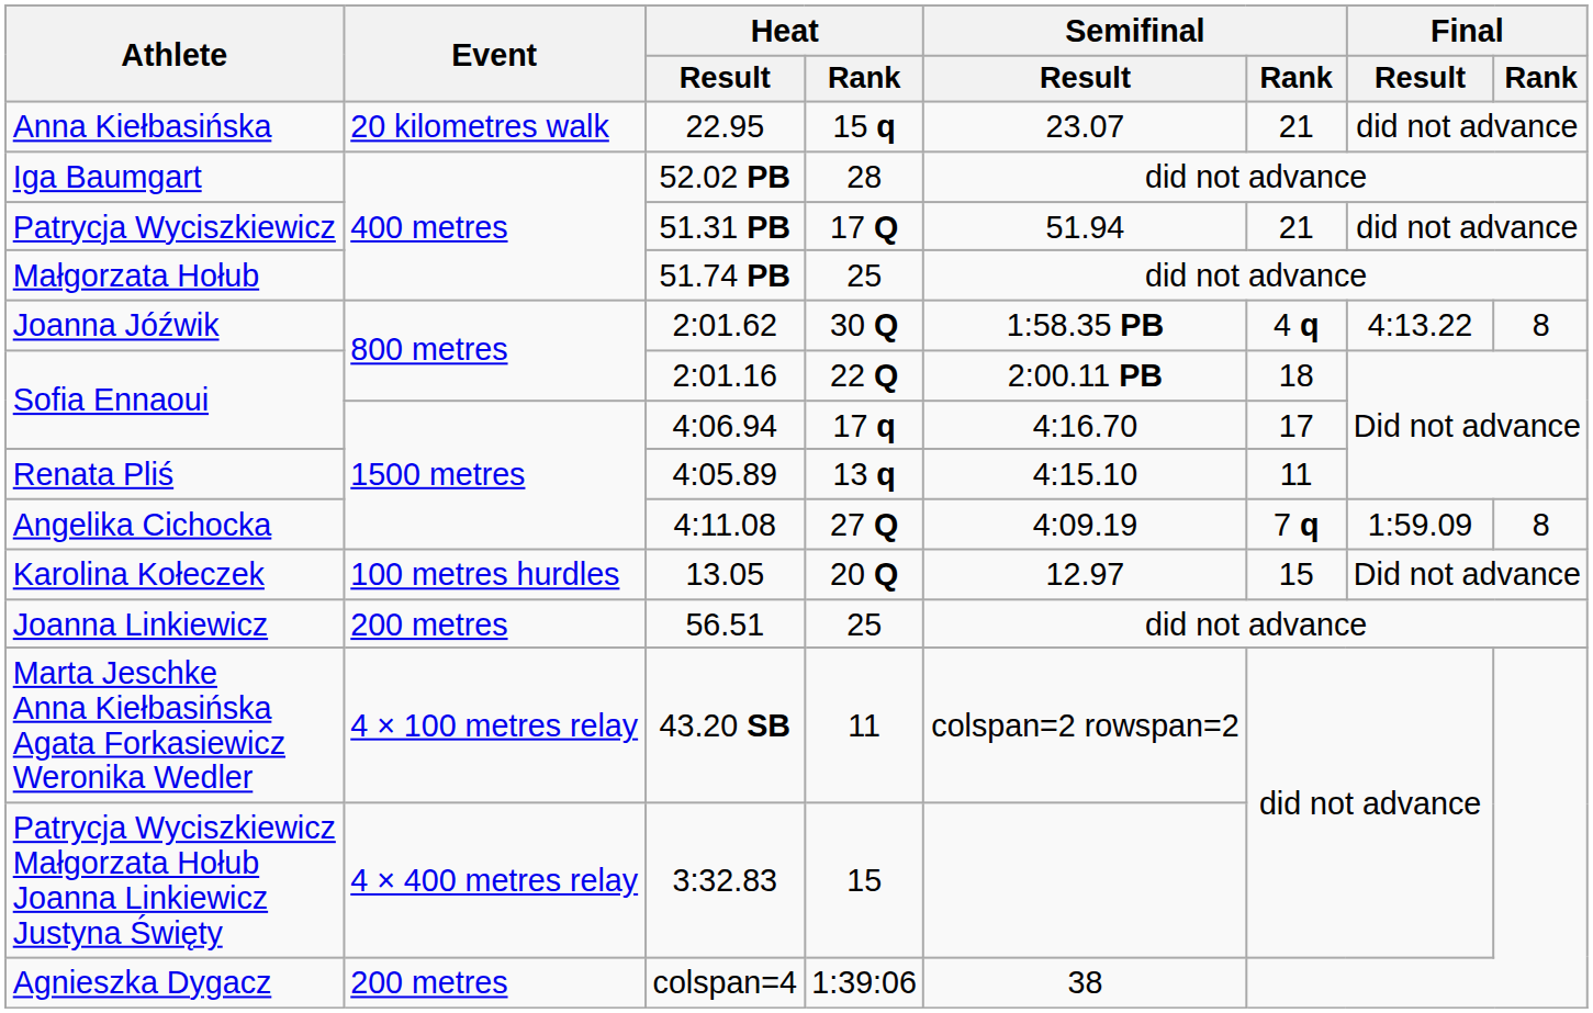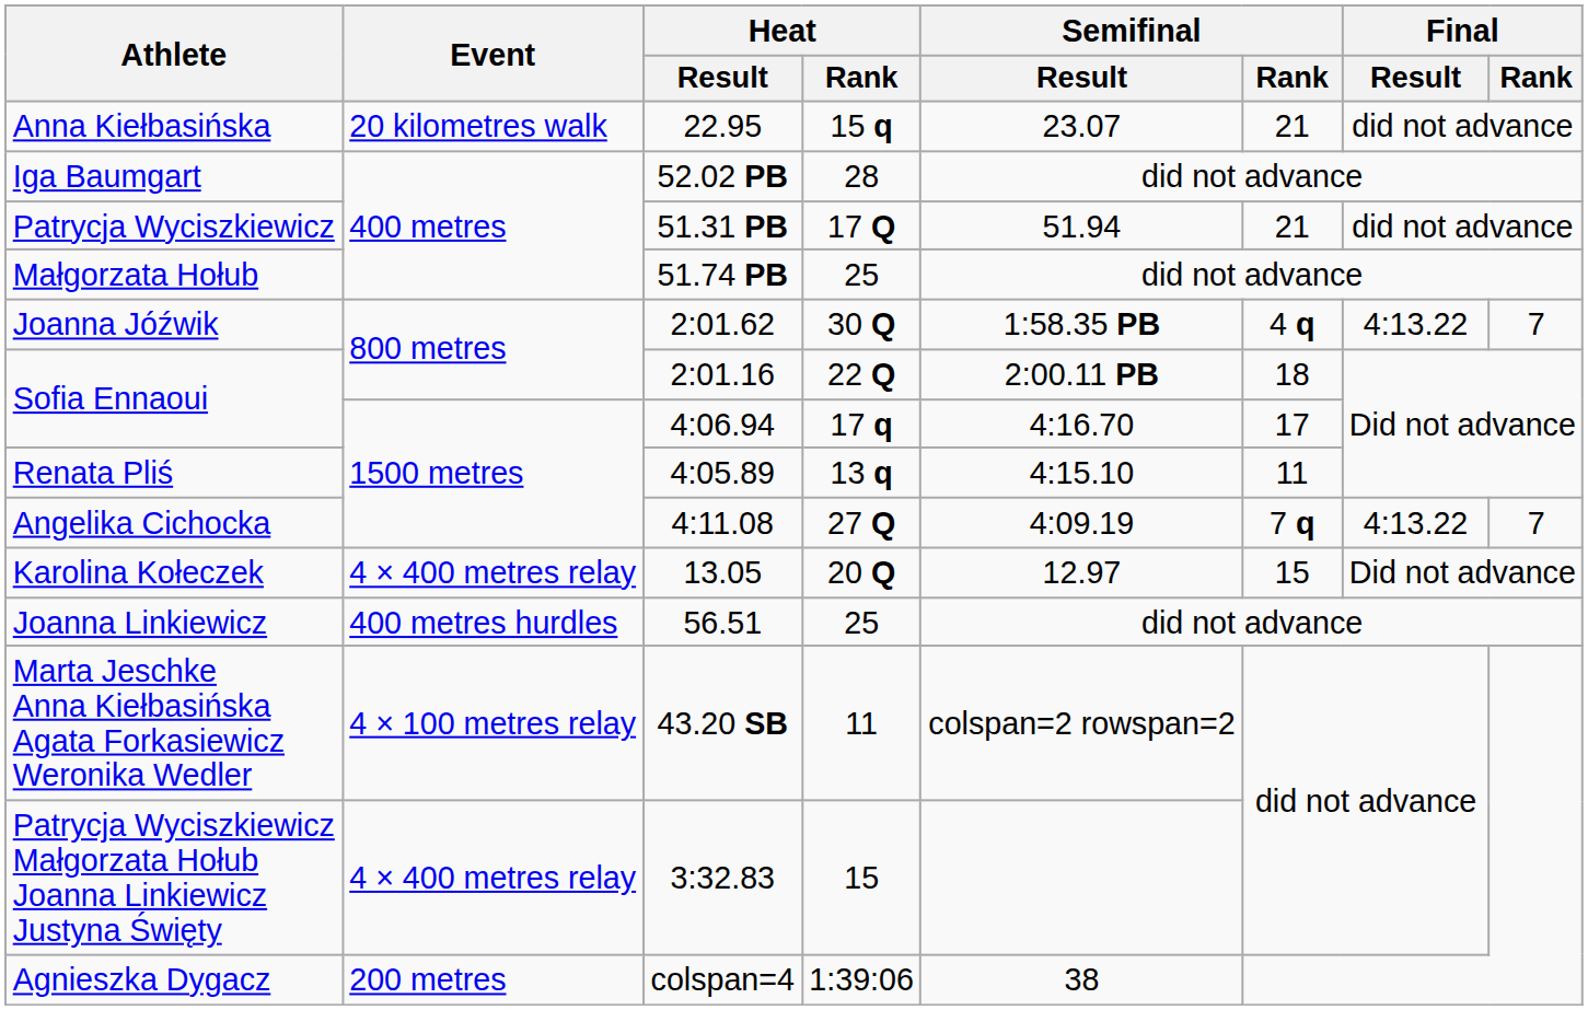 <table class="wikitable" style="font-size:90%">
 <tr>
 <th rowspan="2">Athlete</th>
 <th rowspan="2">Event</th>
 <th colspan="2">Heat</th>
 <th colspan="2">Semifinal</th>
 <th colspan="2">Final</th>
 </tr>
 <tr style="font-size:95%">
 <th>Result</th>
 <th>Rank</th>
 <th>Result</th>
 <th>Rank</th>
 <th>Result</th>
 <th>Rank</th>
 </tr>
 <tr style=text-align:center>
 <td style=text-align:left><a href='#'>Anna Kiełbasińska</a></td>
 <td style=text-align:left><a href='#'>20 kilometres walk</a></td>
 <td>22.95</td>
 <td>15 <strong>q</strong></td>
 <td>23.07</td>
 <td>21</td>
 <td colspan=2>did not advance</td>
 </tr>
 <tr style=text-align:center>
 <td style=text-align:left><a href='#'>Iga Baumgart</a></td>
 <td style=text-align:left rowspan=3><a href='#'>400 metres</a></td>
 <td>52.02 <strong>PB</strong></td>
 <td>28</td>
 <td colspan=4>did not advance</td>
 </tr>
 <tr style=text-align:center>
 <td style=text-align:left><a href='#'>Patrycja Wyciszkiewicz</a></td>
 <td>51.31 <strong>PB</strong></td>
 <td>17 <strong>Q</strong></td>
 <td>51.94</td>
 <td>21</td>
 <td colspan=2>did not advance</td>
 </tr>
 <tr style=text-align:center>
 <td style=text-align:left><a href='#'>Małgorzata Hołub</a></td>
 <td>51.74 <strong>PB</strong></td>
 <td>25</td>
 <td colspan=4>did not advance</td>
 </tr>
 <tr style=text-align:center>
 <td style=text-align:left><a href='#'>Joanna Jóźwik</a></td>
 <td style=text-align:left rowspan=2><a href='#'>800 metres</a></td>
 <td>2:01.62</td>
 <td>30 <strong>Q</strong></td>
 <td>1:58.35 <strong>PB</strong></td>
 <td>4 <strong>q</strong></td>
 <td>4:13.22</td>
-<td>8</td>
+<td>7</td>
 </tr>
 <tr style=text-align:center>
 <td style=text-align:left rowspan=2><a href='#'>Sofia Ennaoui</a></td>
 <td>2:01.16</td>
 <td>22 <strong>Q</strong></td>
 <td>2:00.11 <strong>PB</strong></td>
 <td>18</td>
 <td colspan=2 rowspan=3>Did not advance</td>
 </tr>
 <tr style=text-align:center>
 <td style=text-align:left rowspan=3><a href='#'>1500 metres</a></td>
 <td>4:06.94</td>
 <td>17 <strong>q</strong></td>
 <td>4:16.70</td>
 <td>17</td>
 </tr>
 <tr style=text-align:center>
 <td style=text-align:left><a href='#'>Renata Pliś</a></td>
 <td>4:05.89</td>
 <td>13 <strong>q</strong></td>
 <td>4:15.10</td>
 <td>11</td>
 </tr>
 <tr style=text-align:center>
 <td style=text-align:left><a href='#'>Angelika Cichocka</a></td>
 <td>4:11.08</td>
 <td>27 <strong>Q</strong></td>
 <td>4:09.19</td>
 <td>7 <strong>q</strong></td>
-<td>1:59.09</td>
-<td>8</td>
+<td>4:13.22</td>
+<td>7</td>
 </tr>
 <tr style=text-align:center>
 <td style=text-align:left><a href='#'>Karolina Kołeczek</a></td>
-<td style=text-align:left><a href='#'>100 metres hurdles</a></td>
+<td style=text-align:left><a href='#'>4 × 400 metres relay</a></td>
 <td>13.05</td>
 <td>20 <strong>Q</strong></td>
 <td>12.97</td>
 <td>15</td>
 <td colspan=2>Did not advance</td>
 </tr>
 <tr style=text-align:center>
 <td style=text-align:left><a href='#'>Joanna Linkiewicz</a></td>
-<td style=text-align:left><a href='#'>200 metres</a></td>
+<td style=text-align:left><a href='#'>400 metres hurdles</a></td>
 <td>56.51</td>
 <td>25</td>
 <td colspan=4>did not advance</td>
 </tr>
 <tr style=text-align:center>
 <td style=text-align:left><a href='#'>Marta Jeschke</a><br><a href='#'>Anna Kiełbasińska</a><br><a href='#'>Agata Forkasiewicz</a><br><a href='#'>Weronika Wedler</a></td>
 <td style=text-align:left><a href='#'>4 × 100 metres relay</a></td>
 <td>43.20 <strong>SB</strong></td>
 <td>11</td>
 <td>colspan=2 rowspan=2 </td>
 <td colspan=2 rowspan=2>did not advance</td>
 </tr>
 <tr style=text-align:center>
 <td style=text-align:left><a href='#'>Patrycja Wyciszkiewicz</a><br><a href='#'>Małgorzata Hołub</a><br><a href='#'>Joanna Linkiewicz</a> <br><a href='#'>Justyna Święty</a></td>
 <td style=text-align:left><a href='#'>4 × 400 metres relay</a></td>
 <td>3:32.83</td>
 <td>15</td>
 </tr>
 <tr style=text-align:center>
 <td style=text-align:left><a href='#'>Agnieszka Dygacz</a></td>
 <td style=text-align:left><a href='#'>200 metres</a></td>
 <td>colspan=4 </td>
 <td>1:39:06</td>
 <td>38</td>
 </tr>
 </table>
